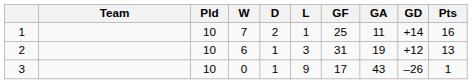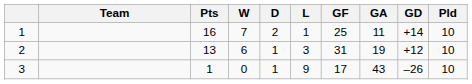 <table class="wikitable" style="text-align: center;">
 <tr>
 <th style="width: 40px;"></th>
 <th style="width: 200px;">Team</th>
-<th style="width: 45px;">Pld</th>
+<th style="width: 45px;">Pts</th>
 <th style="width: 35px;">W</th>
 <th style="width: 35px;">D</th>
 <th style="width: 35px;">L</th>
 <th style="width: 45px;">GF</th>
 <th style="width: 45px;">GA</th>
 <th style="width: 35px;">GD</th>
-<th style="width: 45px;">Pts</th>
+<th style="width: 45px;">Pld</th>
 </tr>
 <tr>
 <td>1</td>
 <td style="text-align: left;"></td>
-<td>10</td>
+<td>16</td>
 <td>7</td>
 <td>2</td>
 <td>1</td>
 <td>25</td>
 <td>11</td>
 <td>+14</td>
-<td>16</td>
+<td>10</td>
 </tr>
 <tr>
 <td>2</td>
 <td style="text-align: left;"></td>
-<td>10</td>
+<td>13</td>
 <td>6</td>
 <td>1</td>
 <td>3</td>
 <td>31</td>
 <td>19</td>
 <td>+12</td>
-<td>13</td>
+<td>10</td>
 </tr>
 <tr>
 <td>3</td>
 <td style="text-align: left;"></td>
-<td>10</td>
+<td>1</td>
 <td>0</td>
 <td>1</td>
 <td>9</td>
 <td>17</td>
 <td>43</td>
 <td>–26</td>
-<td>1</td>
+<td>10</td>
 </tr>
 </table>
